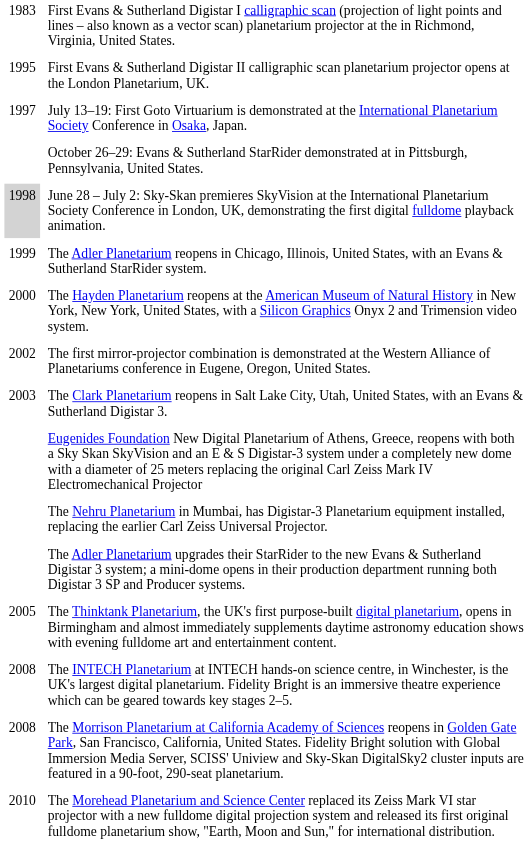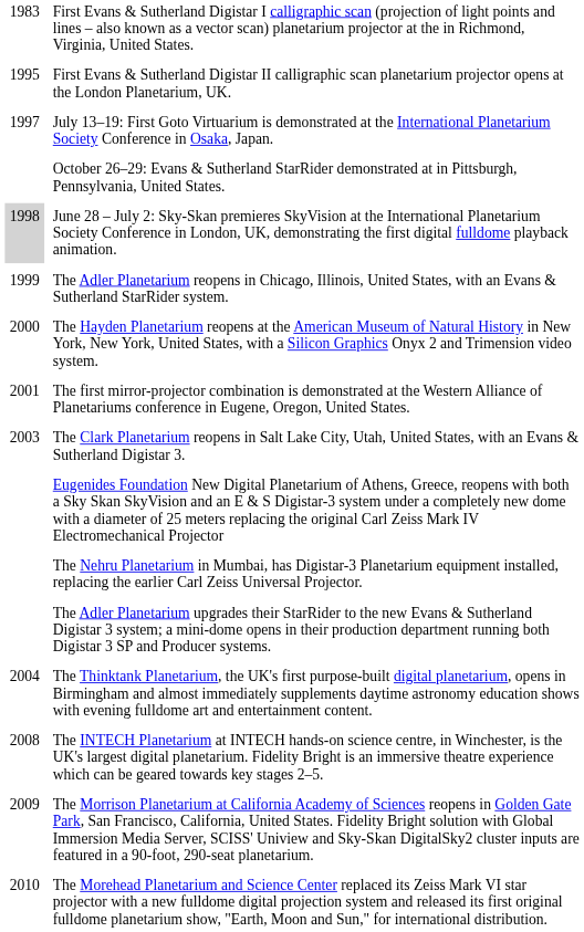 <table border="0" cellspacing="4" cellpadding="5">
 <tr valign="top">
 <td>1983</td>
 <td>First Evans & Sutherland Digistar I <a href='#'>calligraphic scan</a> (projection of light points and lines – also known as a vector scan) planetarium projector at the  in Richmond, Virginia, United States.</td>
 </tr>
 <tr valign="top">
 <td>1995</td>
 <td>First Evans & Sutherland Digistar II calligraphic scan planetarium projector opens at the London Planetarium, UK.</td>
 </tr>
 <tr valign="top">
 <td>1997</td>
 <td>July 13–19: First Goto Virtuarium is demonstrated at the <a href='#'>International Planetarium Society</a> Conference in <a href='#'>Osaka</a>, Japan.</td>
 </tr>
 <tr valign="top">
 <td></td>
 <td>October 26–29: Evans & Sutherland StarRider demonstrated at  in Pittsburgh, Pennsylvania, United States.</td>
 </tr>
 <tr valign="top">
 <td style="background: lightgrey;">1998</td>
 <td>June 28 – July 2: Sky-Skan premieres SkyVision at the International Planetarium Society Conference in London, UK, demonstrating the first digital <a href='#'>fulldome</a> playback animation.</td>
 </tr>
 <tr valign="top">
 <td>1999</td>
 <td>The <a href='#'>Adler Planetarium</a> reopens in Chicago, Illinois, United States, with an Evans & Sutherland StarRider system.</td>
 </tr>
 <tr valign="top">
 <td>2000</td>
 <td>The <a href='#'>Hayden Planetarium</a> reopens at the <a href='#'>American Museum of Natural History</a> in New York, New York, United States, with a <a href='#'>Silicon Graphics</a> Onyx 2 and Trimension video system.</td>
 </tr>
 <tr valign="top">
-<td>2002</td>
+<td>2001</td>
 <td>The first mirror-projector combination is demonstrated at the Western Alliance of Planetariums conference in Eugene, Oregon, United States.</td>
 </tr>
 <tr valign="top">
 <td>2003</td>
 <td>The <a href='#'>Clark Planetarium</a> reopens in Salt Lake City, Utah, United States, with an Evans & Sutherland Digistar 3.</td>
 </tr>
 <tr valign="top">
 <td></td>
 <td><a href='#'>Eugenides Foundation</a> New Digital Planetarium of Athens, Greece, reopens with both a Sky Skan SkyVision and an E & S Digistar-3 system under a completely new dome with a diameter of 25 meters replacing the original Carl Zeiss Mark IV Electromechanical Projector  </td>
 </tr>
 <tr valign="top">
 <td></td>
 <td>The <a href='#'>Nehru Planetarium</a> in Mumbai, has Digistar-3 Planetarium equipment installed, replacing the earlier Carl Zeiss Universal Projector.</td>
 </tr>
 <tr valign="top">
 <td></td>
 <td>The <a href='#'>Adler Planetarium</a> upgrades their StarRider to the new Evans & Sutherland Digistar 3 system; a mini-dome opens in their production department running both Digistar 3 SP and Producer systems.</td>
 </tr>
 <tr valign="top">
-<td>2005</td>
+<td>2004</td>
 <td>The <a href='#'>Thinktank Planetarium</a>, the UK's first purpose-built <a href='#'>digital planetarium</a>, opens in Birmingham and almost immediately supplements daytime astronomy education shows with evening fulldome art and entertainment content.</td>
 </tr>
 <tr valign="top">
 <td>2008</td>
 <td>The <a href='#'>INTECH Planetarium</a> at INTECH hands-on science centre, in Winchester, is the UK's largest digital planetarium.  Fidelity Bright is an immersive theatre experience which can be geared towards key stages 2–5.</td>
 </tr>
 <tr valign="top">
-<td>2008</td>
+<td>2009</td>
 <td>The <a href='#'>Morrison Planetarium at California Academy of Sciences</a> reopens in <a href='#'>Golden Gate Park</a>, San Francisco, California, United States.  Fidelity Bright solution with Global Immersion Media Server, SCISS' Uniview and Sky-Skan DigitalSky2 cluster inputs are featured in a 90-foot, 290-seat planetarium.</td>
 </tr>
 <tr valign="top">
 <td>2010</td>
 <td>The <a href='#'>Morehead Planetarium and Science Center</a> replaced its Zeiss Mark VI star projector with a new fulldome digital projection system and released its first original fulldome planetarium show, "Earth, Moon and Sun," for international distribution.</td>
 </tr>
 </table>
